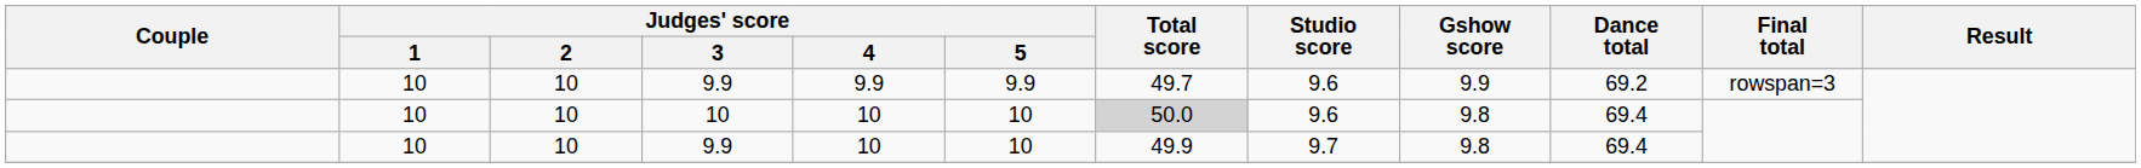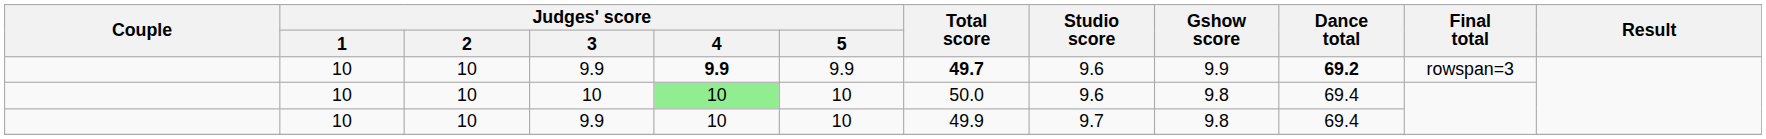 <table class="wikitable" style="font-size:100%; line-height:16px; text-align:center" width="100%">
 <tr>
 <th rowspan=2 width="11.00%">Couple</th>
 <th colspan=5 width="25.00%">Judges' score</th>
 <th rowspan=2 width="05.00%">Total<br>score</th>
 <th rowspan=2 width="05.00%">Studio<br>score</th>
 <th rowspan=2 width="05.00%">Gshow<br>score</th>
 <th rowspan=2 width="05.00%">Dance<br>total</th>
 <th rowspan=2 width="05.00%">Final<br>total</th>
 <th rowspan=2 width="09.00%">Result</th>
 </tr>
 <tr>
 <th width="05.00%">1</th>
 <th width="05.00%">2</th>
 <th width="05.00%">3</th>
 <th width="05.00%">4</th>
 <th width="05.00%">5</th>
 </tr>
 <tr>
 <td></td>
 <td>10</td>
 <td>10</td>
 <td>9.9</td>
+<td><strong>9.9</strong></td>
 <td>9.9</td>
-<td>9.9</td>
-<td>49.7</td>
+<td><strong>49.7</strong></td>
 <td>9.6</td>
 <td>9.9</td>
-<td>69.2</td>
+<td><strong>69.2</strong></td>
 <td>rowspan=3 </td>
 <td rowspan=3></td>
 </tr>
 <tr>
 <td></td>
 <td>10</td>
 <td>10</td>
 <td>10</td>
+<td style="background: lightgreen;">10</td>
 <td>10</td>
-<td>10</td>
-<td style="background: lightgrey;">50.0</td>
+<td>50.0</td>
 <td>9.6</td>
 <td>9.8</td>
 <td>69.4</td>
 </tr>
 <tr>
 <td></td>
 <td>10</td>
 <td>10</td>
 <td>9.9</td>
 <td>10</td>
 <td>10</td>
 <td>49.9</td>
 <td>9.7</td>
 <td>9.8</td>
 <td>69.4</td>
 </tr>
 <tr>
 </tr>
 </table>
